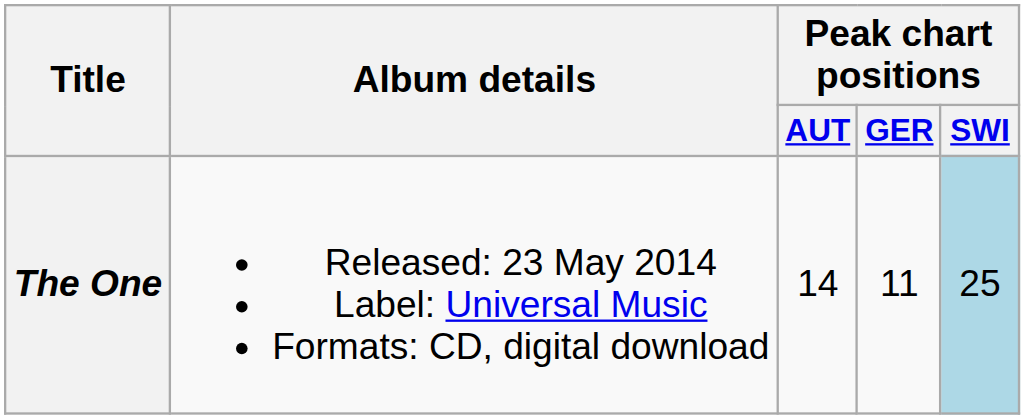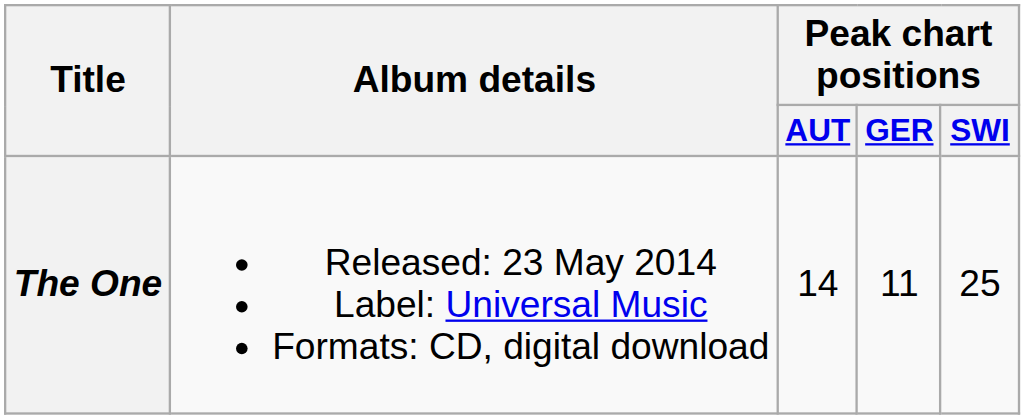 <table class="wikitable plainrowheaders" style="text-align:center;" border="1">
 <tr>
 <th scope="col" rowspan="2">Title</th>
 <th scope="col" rowspan="2">Album details</th>
 <th scope="col" colspan="3">Peak chart positions</th>
 </tr>
 <tr>
 <th scope="col" style="width:2em;font-size:85%;"><a href='#'>AUT</a><br></th>
 <th scope="col" style="width:2em;font-size:85%;"><a href='#'>GER</a><br></th>
 <th scope="col" style="width:2em;font-size:85%;"><a href='#'>SWI</a><br></th>
 </tr>
 <tr>
 <th scope="row"><em>The One</em></th>
 <td><br><ul><li>Released: 23 May 2014</li><li>Label: <a href='#'>Universal Music</a></li><li>Formats: CD, digital download</li></ul></td>
 <td>14</td>
 <td>11</td>
-<td style="background: lightblue;">25</td>
+<td>25</td>
 </tr>
 </table>
